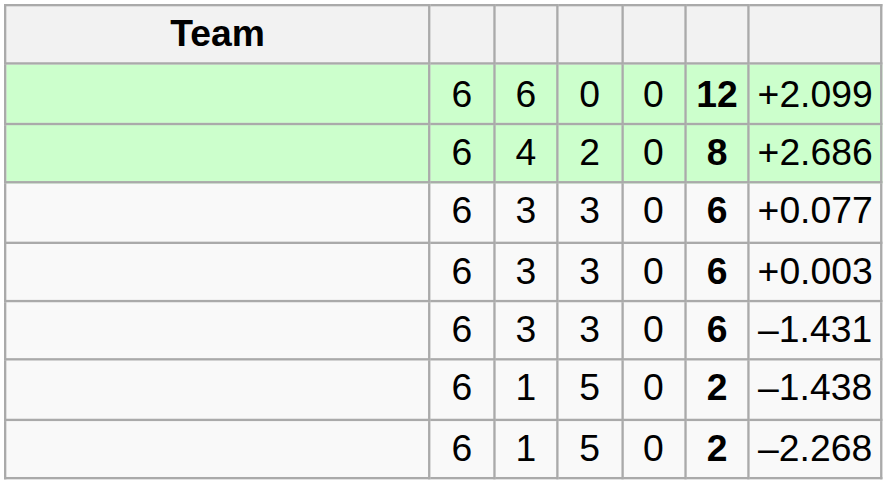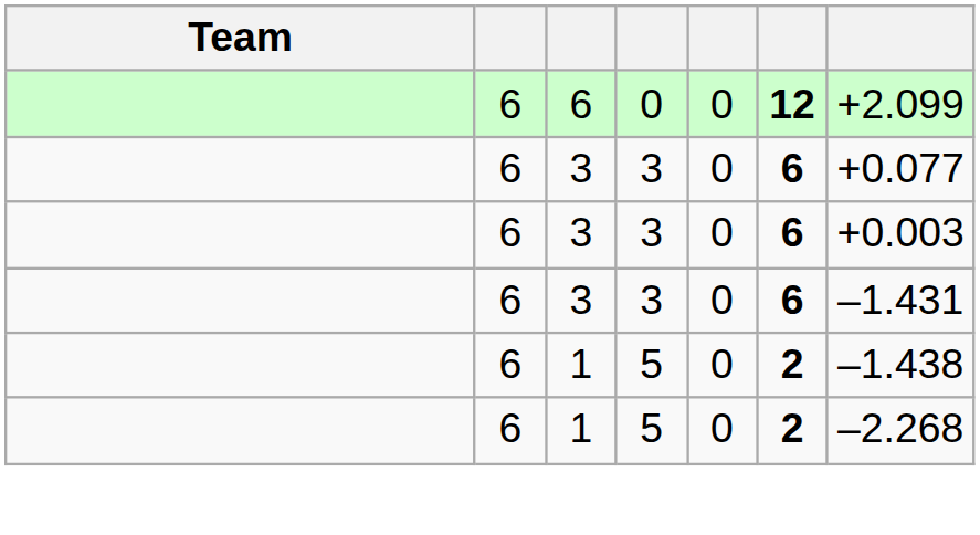 <table class="wikitable" style="text-align:center;">
 <tr>
 <th width=175>Team</th>
 <th style="width:20px;"></th>
 <th style="width:20px;"></th>
 <th style="width:20px;"></th>
 <th style="width:20px;"></th>
 <th style="width:20px;"></th>
 <th style="width:20px;"></th>
 </tr>
 <tr style="background:#cfc">
 <td align=left></td>
 <td>6</td>
 <td>6</td>
 <td>0</td>
 <td>0</td>
 <td><strong>12</strong></td>
 <td>+2.099</td>
-</tr>
-<tr style="background:#cfc">
-<td align=left></td>
-<td>6</td>
-<td>4</td>
-<td>2</td>
-<td>0</td>
-<td><strong>8</strong></td>
-<td>+2.686</td>
 </tr>
 <tr>
 <td align=left></td>
 <td>6</td>
 <td>3</td>
 <td>3</td>
 <td>0</td>
 <td><strong>6</strong></td>
 <td>+0.077</td>
 </tr>
 <tr>
 <td align=left></td>
 <td>6</td>
 <td>3</td>
 <td>3</td>
 <td>0</td>
 <td><strong>6</strong></td>
 <td>+0.003</td>
 </tr>
 <tr>
 <td align=left></td>
 <td>6</td>
 <td>3</td>
 <td>3</td>
 <td>0</td>
 <td><strong>6</strong></td>
 <td>–1.431</td>
 </tr>
 <tr>
 <td align=left></td>
 <td>6</td>
 <td>1</td>
 <td>5</td>
 <td>0</td>
 <td><strong>2</strong></td>
 <td>–1.438</td>
 </tr>
 <tr>
 <td align=left></td>
 <td>6</td>
 <td>1</td>
 <td>5</td>
 <td>0</td>
 <td><strong>2</strong></td>
 <td>–2.268</td>
 </tr>
 </table>
